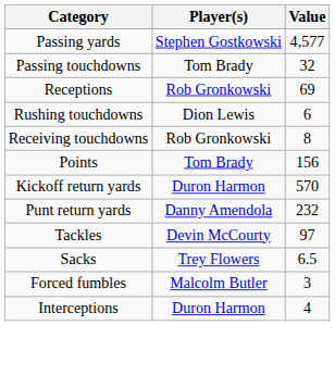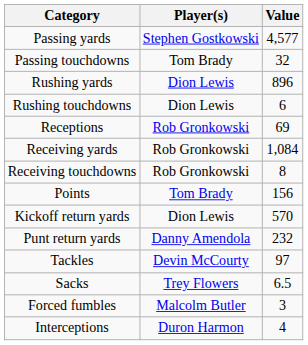 <table class="wikitable" style="text-align:center">
 <tr>
 <th>Category</th>
 <th>Player(s)</th>
 <th>Value</th>
 </tr>
 <tr>
 <td>Passing yards</td>
 <td><a href='#'>Stephen Gostkowski</a></td>
 <td>4,577</td>
 </tr>
 <tr>
 <td>Passing touchdowns</td>
 <td>Tom Brady</td>
 <td>32</td>
 </tr>
 <tr>
+<td>Rushing yards</td>
+<td><a href='#'>Dion Lewis</a></td>
+<td>896</td>
+</tr>
+<tr>
+<td>Rushing touchdowns</td>
+<td>Dion Lewis</td>
+<td>6</td>
+</tr>
+<tr>
 <td>Receptions</td>
 <td><a href='#'>Rob Gronkowski</a></td>
 <td>69</td>
 </tr>
 <tr>
-<td>Rushing touchdowns</td>
-<td>Dion Lewis</td>
-<td>6</td>
+<td>Receiving yards</td>
+<td>Rob Gronkowski</td>
+<td>1,084</td>
 </tr>
 <tr>
 <td>Receiving touchdowns</td>
 <td>Rob Gronkowski</td>
 <td>8</td>
 </tr>
 <tr>
 <td>Points</td>
 <td><a href='#'>Tom Brady</a></td>
 <td>156</td>
 </tr>
 <tr>
 <td>Kickoff return yards</td>
-<td><a href='#'>Duron Harmon</a></td>
+<td>Dion Lewis</td>
 <td>570</td>
 </tr>
 <tr>
 <td>Punt return yards</td>
 <td><a href='#'>Danny Amendola</a></td>
 <td>232</td>
 </tr>
 <tr>
 <td>Tackles</td>
 <td><a href='#'>Devin McCourty</a></td>
 <td>97</td>
 </tr>
 <tr>
 <td>Sacks</td>
 <td><a href='#'>Trey Flowers</a></td>
 <td>6.5</td>
 </tr>
 <tr>
 <td>Forced fumbles</td>
 <td><a href='#'>Malcolm Butler</a></td>
 <td>3</td>
 </tr>
 <tr>
 <td>Interceptions</td>
 <td><a href='#'>Duron Harmon</a></td>
 <td>4</td>
 </tr>
 </table>
